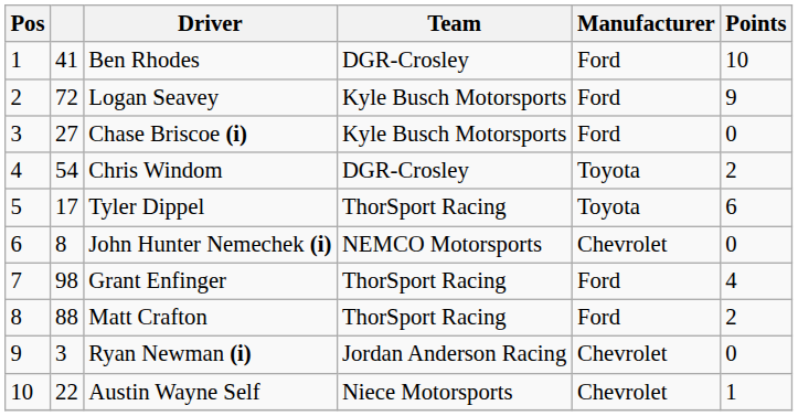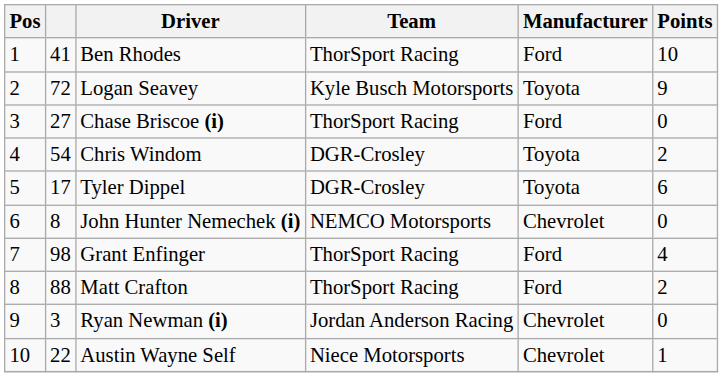 <table class="wikitable" style="font-size:98%">
 <tr>
 <th>Pos</th>
 <th></th>
 <th>Driver</th>
 <th>Team</th>
 <th>Manufacturer</th>
 <th>Points</th>
 </tr>
 <tr>
 <td>1</td>
 <td>41</td>
 <td>Ben Rhodes</td>
-<td>DGR-Crosley</td>
+<td>ThorSport Racing</td>
 <td>Ford</td>
 <td>10</td>
 </tr>
 <tr>
 <td>2</td>
 <td>72</td>
 <td>Logan Seavey</td>
 <td>Kyle Busch Motorsports</td>
-<td>Ford</td>
+<td>Toyota</td>
 <td>9</td>
 </tr>
 <tr>
 <td>3</td>
 <td>27</td>
 <td>Chase Briscoe <strong>(i)</strong></td>
-<td>Kyle Busch Motorsports</td>
+<td>ThorSport Racing</td>
 <td>Ford</td>
 <td>0</td>
 </tr>
 <tr>
 <td>4</td>
 <td>54</td>
 <td>Chris Windom</td>
 <td>DGR-Crosley</td>
 <td>Toyota</td>
 <td>2</td>
 </tr>
 <tr>
 <td>5</td>
 <td>17</td>
 <td>Tyler Dippel</td>
-<td>ThorSport Racing</td>
+<td>DGR-Crosley</td>
 <td>Toyota</td>
 <td>6</td>
 </tr>
 <tr>
 <td>6</td>
 <td>8</td>
 <td>John Hunter Nemechek <strong>(i)</strong></td>
 <td>NEMCO Motorsports</td>
 <td>Chevrolet</td>
 <td>0</td>
 </tr>
 <tr>
 <td>7</td>
 <td>98</td>
 <td>Grant Enfinger</td>
 <td>ThorSport Racing</td>
 <td>Ford</td>
 <td>4</td>
 </tr>
 <tr>
 <td>8</td>
 <td>88</td>
 <td>Matt Crafton</td>
 <td>ThorSport Racing</td>
 <td>Ford</td>
 <td>2</td>
 </tr>
 <tr>
 <td>9</td>
 <td>3</td>
 <td>Ryan Newman <strong>(i)</strong></td>
 <td>Jordan Anderson Racing</td>
 <td>Chevrolet</td>
 <td>0</td>
 </tr>
 <tr>
 <td>10</td>
 <td>22</td>
 <td>Austin Wayne Self</td>
 <td>Niece Motorsports</td>
 <td>Chevrolet</td>
 <td>1</td>
 </tr>
 <tr>
 </tr>
 </table>
